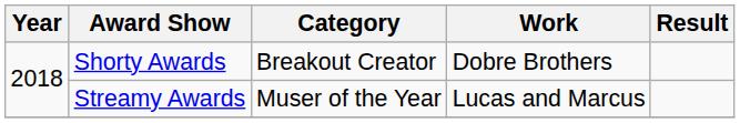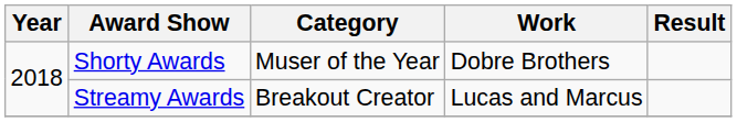 <table class="wikitable">
 <tr>
 <th>Year</th>
 <th>Award Show</th>
 <th>Category</th>
 <th>Work</th>
 <th>Result</th>
 </tr>
 <tr>
 <td rowspan="2">2018</td>
 <td><a href='#'>Shorty Awards</a></td>
-<td>Breakout Creator</td>
+<td>Muser of the Year</td>
 <td>Dobre Brothers</td>
 <td></td>
 </tr>
 <tr>
 <td><a href='#'>Streamy Awards</a></td>
-<td>Muser of the Year</td>
+<td>Breakout Creator</td>
 <td>Lucas and Marcus</td>
 <td></td>
 </tr>
 <tr>
 </tr>
 </table>
